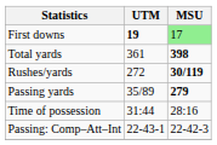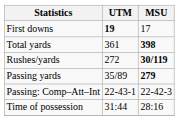 <table class="wikitable" style="float: left;">
 <tr>
 <th>Statistics</th>
 <th>UTM</th>
 <th>MSU</th>
 </tr>
 <tr>
 <td>First downs</td>
 <td><strong>19</strong></td>
-<td style="background: lightgreen;">17</td>
+<td>17</td>
 </tr>
 <tr>
 <td>Total yards</td>
 <td>361</td>
 <td><strong>398</strong></td>
 </tr>
 <tr>
 <td>Rushes/yards</td>
 <td>272</td>
 <td><strong>30/119</strong></td>
 </tr>
 <tr>
 <td>Passing yards</td>
 <td>35/89</td>
 <td><strong>279</strong></td>
 </tr>
 <tr>
+<td>Passing: Comp–Att–Int</td>
+<td>22-43-1</td>
+<td>22-42-3</td>
+</tr>
+<tr>
 <td>Time of possession</td>
 <td>31:44</td>
 <td>28:16</td>
 </tr>
 <tr>
-<td>Passing: Comp–Att–Int</td>
-<td>22-43-1</td>
-<td>22-42-3</td>
-</tr>
-<tr>
 </tr>
 </table>
